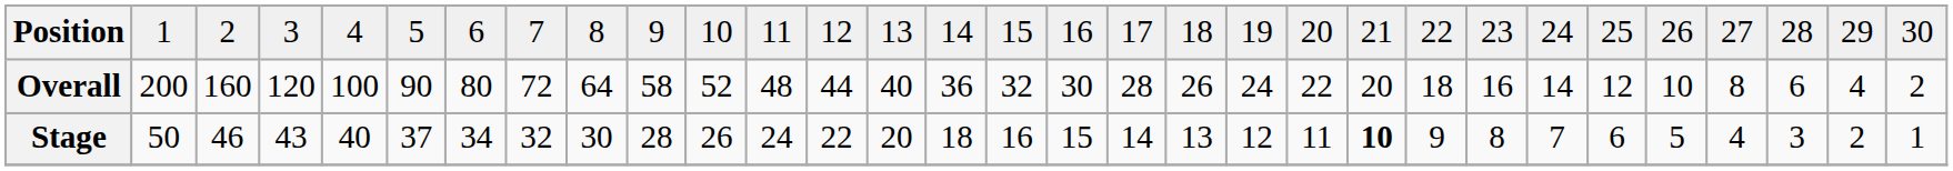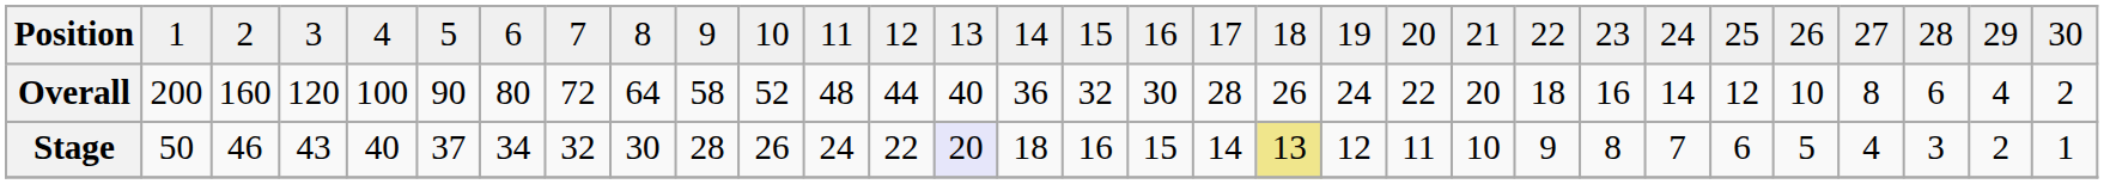 <table class="wikitable" style="font-size:90%; text-align:center;">
 <tr bgcolor="#F0F0F0">
 <th>Position</th>
 <td width=20>1</td>
 <td width=20>2</td>
 <td width=20>3</td>
 <td width=20>4</td>
 <td width=20>5</td>
 <td width=20>6</td>
 <td width=20>7</td>
 <td width=20>8</td>
 <td width=20>9</td>
 <td width=20>10</td>
 <td width=20>11</td>
 <td width=20>12</td>
 <td width=20>13</td>
 <td width=20>14</td>
 <td width=20>15</td>
 <td width=20>16</td>
 <td width=20>17</td>
 <td width=20>18</td>
 <td width=20>19</td>
 <td width=20>20</td>
 <td width=20>21</td>
 <td width=20>22</td>
 <td width=20>23</td>
 <td width=20>24</td>
 <td width=20>25</td>
 <td width=20>26</td>
 <td width=20>27</td>
 <td width=20>28</td>
 <td width=20>29</td>
 <td width=20>30</td>
 </tr>
 <tr>
 <th>Overall</th>
 <td>200</td>
 <td>160</td>
 <td>120</td>
 <td>100</td>
 <td>90</td>
 <td>80</td>
 <td>72</td>
 <td>64</td>
 <td>58</td>
 <td>52</td>
 <td>48</td>
 <td>44</td>
 <td>40</td>
 <td>36</td>
 <td>32</td>
 <td>30</td>
 <td>28</td>
 <td>26</td>
 <td>24</td>
 <td>22</td>
 <td>20</td>
 <td>18</td>
 <td>16</td>
 <td>14</td>
 <td>12</td>
 <td>10</td>
 <td>8</td>
 <td>6</td>
 <td>4</td>
 <td>2</td>
 </tr>
 <tr>
 <th>Stage</th>
 <td>50</td>
 <td>46</td>
 <td>43</td>
 <td>40</td>
 <td>37</td>
 <td>34</td>
 <td>32</td>
 <td>30</td>
 <td>28</td>
 <td>26</td>
 <td>24</td>
 <td>22</td>
-<td>20</td>
+<td style="background: lavender;">20</td>
 <td>18</td>
 <td>16</td>
 <td>15</td>
 <td>14</td>
-<td>13</td>
+<td style="background: khaki;">13</td>
 <td>12</td>
 <td>11</td>
-<td><strong>10</strong></td>
+<td>10</td>
 <td>9</td>
 <td>8</td>
 <td>7</td>
 <td>6</td>
 <td>5</td>
 <td>4</td>
 <td>3</td>
 <td>2</td>
 <td>1</td>
 </tr>
 <tr>
 </tr>
 </table>
